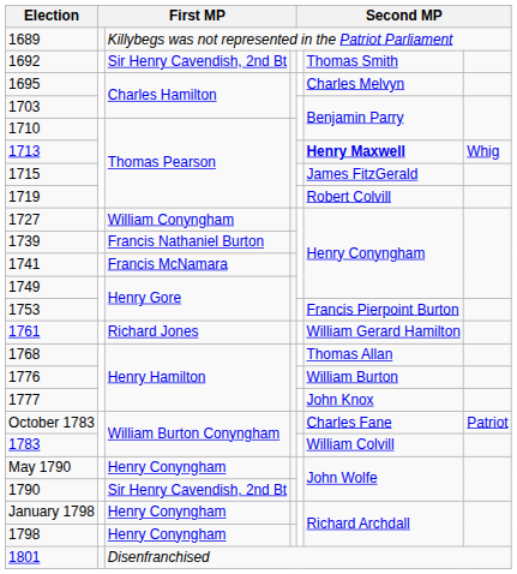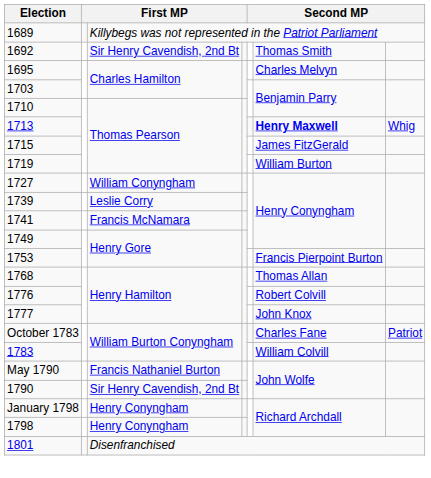 <table class="wikitable">
 <tr>
 <th>Election</th>
 <th colspan=3>First MP</th>
 <th colspan=3>Second MP</th>
 </tr>
 <tr>
 <td>1689</td>
 <td></td>
 <td colspan="5"><em>Killybegs was not represented in the <a href='#'>Patriot Parliament</a></em></td>
 </tr>
 <tr>
 <td>1692</td>
 <td style="background-color: white"></td>
 <td><a href='#'>Sir Henry Cavendish, 2nd Bt</a></td>
 <td></td>
 <td style="background-color: white"></td>
 <td><a href='#'>Thomas Smith</a></td>
 <td></td>
 </tr>
 <tr>
 <td>1695</td>
 <td rowspan="2" style="background-color: white"></td>
 <td rowspan="2"><a href='#'>Charles Hamilton</a></td>
 <td rowspan="2"></td>
 <td style="background-color: white"></td>
 <td><a href='#'>Charles Melvyn</a></td>
 <td></td>
 </tr>
 <tr>
 <td>1703</td>
 <td rowspan="2" style="background-color: white"></td>
 <td rowspan="2"><a href='#'>Benjamin Parry</a></td>
 <td rowspan="2"></td>
 </tr>
 <tr>
 <td>1710</td>
 <td rowspan="4" style="background-color: white"></td>
 <td rowspan="4"><a href='#'>Thomas Pearson</a></td>
 <td rowspan="4"></td>
 </tr>
 <tr>
 <td><a href='#'>1713</a></td>
 <td></td>
 <td><strong><a href='#'>Henry Maxwell</a></strong></td>
 <td><a href='#'>Whig</a></td>
 </tr>
 <tr>
 <td>1715</td>
 <td style="background-color: white"></td>
 <td><a href='#'>James FitzGerald</a></td>
 </tr>
 <tr>
 <td>1719</td>
 <td style="background-color: white"></td>
-<td><a href='#'>Robert Colvill</a></td>
+<td><a href='#'>William Burton</a></td>
 <td></td>
 </tr>
 <tr>
 <td>1727</td>
 <td style="background-color: white"></td>
 <td><a href='#'>William Conyngham</a></td>
 <td></td>
 <td rowspan="4" style="background-color: white"></td>
 <td rowspan="4"><a href='#'>Henry Conyngham</a></td>
 <td rowspan="4"></td>
 </tr>
 <tr>
 <td>1739</td>
 <td style="background-color: white"></td>
-<td><a href='#'>Francis Nathaniel Burton</a></td>
+<td><a href='#'>Leslie Corry</a></td>
 <td></td>
 </tr>
 <tr>
 <td>1741</td>
 <td style="background-color: white"></td>
 <td><a href='#'>Francis McNamara</a></td>
 <td></td>
 </tr>
 <tr>
 <td>1749</td>
 <td rowspan="2" style="background-color: white"></td>
 <td rowspan="2"><a href='#'>Henry Gore</a></td>
 <td rowspan="2"></td>
 </tr>
 <tr>
 <td>1753</td>
 <td style="background-color: white"></td>
 <td><a href='#'>Francis Pierpoint Burton</a></td>
 <td></td>
 </tr>
 <tr>
-<td><a href='#'>1761</a></td>
-<td style="background-color: white"></td>
-<td><a href='#'>Richard Jones</a></td>
-<td></td>
-<td style="background-color: white"></td>
-<td><a href='#'>William Gerard Hamilton</a></td>
-<td></td>
-</tr>
-<tr>
 <td>1768</td>
 <td rowspan="3" style="background-color: white"></td>
 <td rowspan="3"><a href='#'>Henry Hamilton</a></td>
 <td rowspan="3"></td>
 <td style="background-color: white"></td>
 <td><a href='#'>Thomas Allan</a></td>
 <td></td>
 </tr>
 <tr>
 <td>1776</td>
 <td style="background-color: white"></td>
-<td><a href='#'>William Burton</a></td>
+<td><a href='#'>Robert Colvill</a></td>
 <td></td>
 </tr>
 <tr>
 <td>1777</td>
 <td style="background-color: white"></td>
 <td><a href='#'>John Knox</a></td>
 <td></td>
 </tr>
 <tr>
 <td>October 1783</td>
 <td rowspan="2" style="background-color: white"></td>
 <td rowspan="2"><a href='#'>William Burton Conyngham</a></td>
 <td rowspan="2"></td>
 <td style="background-color: "></td>
 <td><a href='#'>Charles Fane</a></td>
 <td><a href='#'>Patriot</a></td>
 </tr>
 <tr>
 <td><a href='#'>1783</a></td>
 <td style="background-color: white"></td>
 <td><a href='#'>William Colvill</a></td>
 <td></td>
 </tr>
 <tr>
 <td>May 1790</td>
 <td style="background-color: white"></td>
-<td><a href='#'>Henry Conyngham</a></td>
+<td><a href='#'>Francis Nathaniel Burton</a></td>
 <td></td>
 <td rowspan="2" style="background-color: white"></td>
 <td rowspan="2"><a href='#'>John Wolfe</a></td>
 <td rowspan="2"></td>
 </tr>
 <tr>
 <td>1790</td>
 <td style="background-color: white"></td>
 <td><a href='#'>Sir Henry Cavendish, 2nd Bt</a></td>
 <td></td>
 </tr>
 <tr>
 <td>January 1798</td>
 <td style="background-color: white"></td>
 <td><a href='#'>Henry Conyngham</a></td>
 <td></td>
 <td rowspan="2" style="background-color: white"></td>
 <td rowspan="2"><a href='#'>Richard Archdall</a></td>
 <td rowspan="2"></td>
 </tr>
 <tr>
 <td>1798</td>
 <td style="background-color: white"></td>
 <td><a href='#'>Henry Conyngham</a></td>
 <td></td>
 </tr>
 <tr>
 <td><a href='#'>1801</a></td>
 <td></td>
 <td colspan="5"><em>Disenfranchised</em></td>
 </tr>
 </table>
